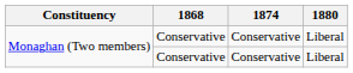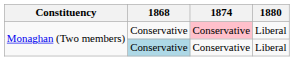 <table class="wikitable">
 <tr>
 <th>Constituency</th>
 <th>1868</th>
 <th>1874</th>
 <th>1880</th>
 </tr>
 <tr>
 <td rowspan="2"><a href='#'>Monaghan</a> (Two members)</td>
 <td>Conservative</td>
-<td>Conservative</td>
+<td style="background: pink;">Conservative</td>
 <td>Liberal</td>
 </tr>
 <tr>
-<td>Conservative</td>
+<td style="background: lightblue;">Conservative</td>
 <td>Conservative</td>
 <td>Liberal</td>
 </tr>
 </table>
